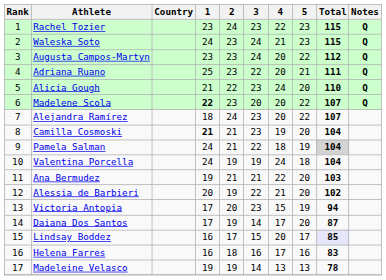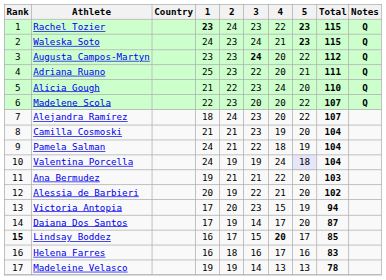 <table class="wikitable sortable" style="text-align:center">
 <tr>
 <th>Rank</th>
 <th>Athlete</th>
 <th>Country</th>
 <th class="unsortable" style="width: 28px">1</th>
 <th class="unsortable" style="width: 28px">2</th>
 <th class="unsortable" style="width: 28px">3</th>
 <th class="unsortable" style="width: 28px">4</th>
 <th class="unsortable" style="width: 28px">5</th>
 <th>Total</th>
 <th class="unsortable">Notes</th>
 </tr>
 <tr bgcolor=ccffcc>
 <td>1</td>
 <td align=left><a href='#'>Rachel Tozier</a></td>
 <td align=left></td>
-<td>23</td>
+<td><strong>23</strong></td>
 <td>24</td>
 <td>23</td>
 <td>22</td>
-<td>23</td>
+<td><strong>23</strong></td>
 <td><strong>115</strong></td>
 <td><strong>Q</strong></td>
 </tr>
 <tr bgcolor=ccffcc>
 <td>2</td>
 <td align=left><a href='#'>Waleska Soto</a></td>
 <td align=left></td>
 <td>24</td>
 <td>23</td>
 <td>24</td>
 <td>21</td>
-<td>23</td>
+<td><strong>23</strong></td>
 <td><strong>115</strong></td>
 <td><strong>Q</strong></td>
 </tr>
 <tr bgcolor=ccffcc>
 <td>3</td>
 <td align=left><a href='#'>Augusta Campos-Martyn</a></td>
 <td align=left></td>
 <td>23</td>
 <td>23</td>
-<td>24</td>
+<td><strong>24</strong></td>
 <td>20</td>
 <td>22</td>
 <td><strong>112</strong></td>
 <td><strong>Q</strong></td>
 </tr>
 <tr bgcolor=ccffcc>
 <td>4</td>
 <td align=left><a href='#'>Adriana Ruano</a></td>
 <td align=left></td>
 <td>25</td>
 <td>23</td>
 <td>22</td>
 <td>20</td>
 <td>21</td>
 <td><strong>111</strong></td>
 <td><strong>Q</strong></td>
 </tr>
 <tr bgcolor=ccffcc>
 <td>5</td>
 <td align=left><a href='#'>Alicia Gough</a></td>
 <td align=left></td>
 <td>21</td>
 <td>22</td>
 <td>23</td>
 <td>24</td>
 <td>20</td>
 <td><strong>110</strong></td>
 <td><strong>Q</strong></td>
 </tr>
 <tr bgcolor=ccffcc>
 <td>6</td>
 <td align=left><a href='#'>Madelene Scola</a></td>
 <td align=left></td>
-<td><strong>22</strong></td>
+<td>22</td>
 <td>23</td>
 <td>20</td>
 <td>20</td>
 <td>22</td>
 <td><strong>107</strong></td>
 <td><strong>Q</strong></td>
 </tr>
 <tr>
 <td>7</td>
 <td align=left><a href='#'>Alejandra Ramírez</a></td>
 <td align=left></td>
 <td>18</td>
 <td>24</td>
 <td>23</td>
 <td>20</td>
 <td>22</td>
 <td><strong>107</strong></td>
 <td></td>
 </tr>
 <tr>
 <td>8</td>
 <td align=left><a href='#'>Camilla Cosmoski</a></td>
 <td align=left></td>
-<td><strong>21</strong></td>
+<td>21</td>
 <td>21</td>
 <td>23</td>
 <td>19</td>
 <td>20</td>
 <td><strong>104</strong></td>
 <td></td>
 </tr>
 <tr>
 <td>9</td>
 <td align=left><a href='#'>Pamela Salman</a></td>
 <td align=left></td>
 <td>24</td>
 <td>21</td>
 <td>22</td>
 <td>18</td>
 <td>19</td>
-<td style="background: lightgrey;"><strong>104</strong></td>
+<td><strong>104</strong></td>
 <td></td>
 </tr>
 <tr>
 <td>10</td>
 <td align=left><a href='#'>Valentina Porcella</a></td>
 <td align=left></td>
 <td>24</td>
 <td>19</td>
 <td>19</td>
 <td>24</td>
-<td>18</td>
+<td style="background: lavender;">18</td>
 <td><strong>104</strong></td>
 <td></td>
 </tr>
 <tr>
 <td>11</td>
 <td align=left><a href='#'>Ana Bermudez</a></td>
 <td align=left></td>
 <td>19</td>
 <td>21</td>
 <td>21</td>
 <td>22</td>
 <td>20</td>
 <td><strong>103</strong></td>
 <td></td>
 </tr>
 <tr>
 <td>12</td>
 <td align=left><a href='#'>Alessia de Barbieri</a></td>
 <td align=left></td>
 <td>20</td>
 <td>19</td>
 <td>22</td>
 <td>21</td>
 <td>20</td>
 <td><strong>102</strong></td>
 <td></td>
 </tr>
 <tr>
 <td>13</td>
 <td align=left><a href='#'>Victoria Antopia</a></td>
 <td align=left></td>
 <td>17</td>
 <td>20</td>
 <td>23</td>
 <td>15</td>
 <td>19</td>
 <td><strong>94</strong></td>
 <td></td>
 </tr>
 <tr>
 <td>14</td>
 <td align=left><a href='#'>Daiana Dos Santos</a></td>
 <td align=left></td>
 <td>17</td>
 <td>19</td>
 <td>14</td>
 <td>17</td>
 <td>20</td>
 <td><strong>87</strong></td>
 <td></td>
 </tr>
 <tr>
-<td>15</td>
+<td><strong>15</strong></td>
 <td align=left><a href='#'>Lindsay Boddez</a></td>
 <td align=left></td>
 <td>16</td>
 <td>17</td>
 <td>15</td>
-<td>20</td>
+<td><strong>20</strong></td>
 <td>17</td>
-<td style="background: lavender;"><strong>85</strong></td>
+<td><strong>85</strong></td>
 <td></td>
 </tr>
 <tr>
 <td>16</td>
 <td align=left><a href='#'>Helena Farres</a></td>
 <td align=left></td>
 <td>16</td>
 <td>18</td>
 <td>16</td>
 <td>17</td>
 <td>16</td>
 <td><strong>83</strong></td>
 <td></td>
 </tr>
 <tr>
 <td>17</td>
 <td align=left><a href='#'>Madeleine Velasco</a></td>
 <td align=left></td>
 <td>19</td>
 <td>19</td>
 <td>14</td>
 <td>13</td>
 <td>13</td>
 <td><strong>78</strong></td>
 <td></td>
 </tr>
 <tr>
 </tr>
 </table>
